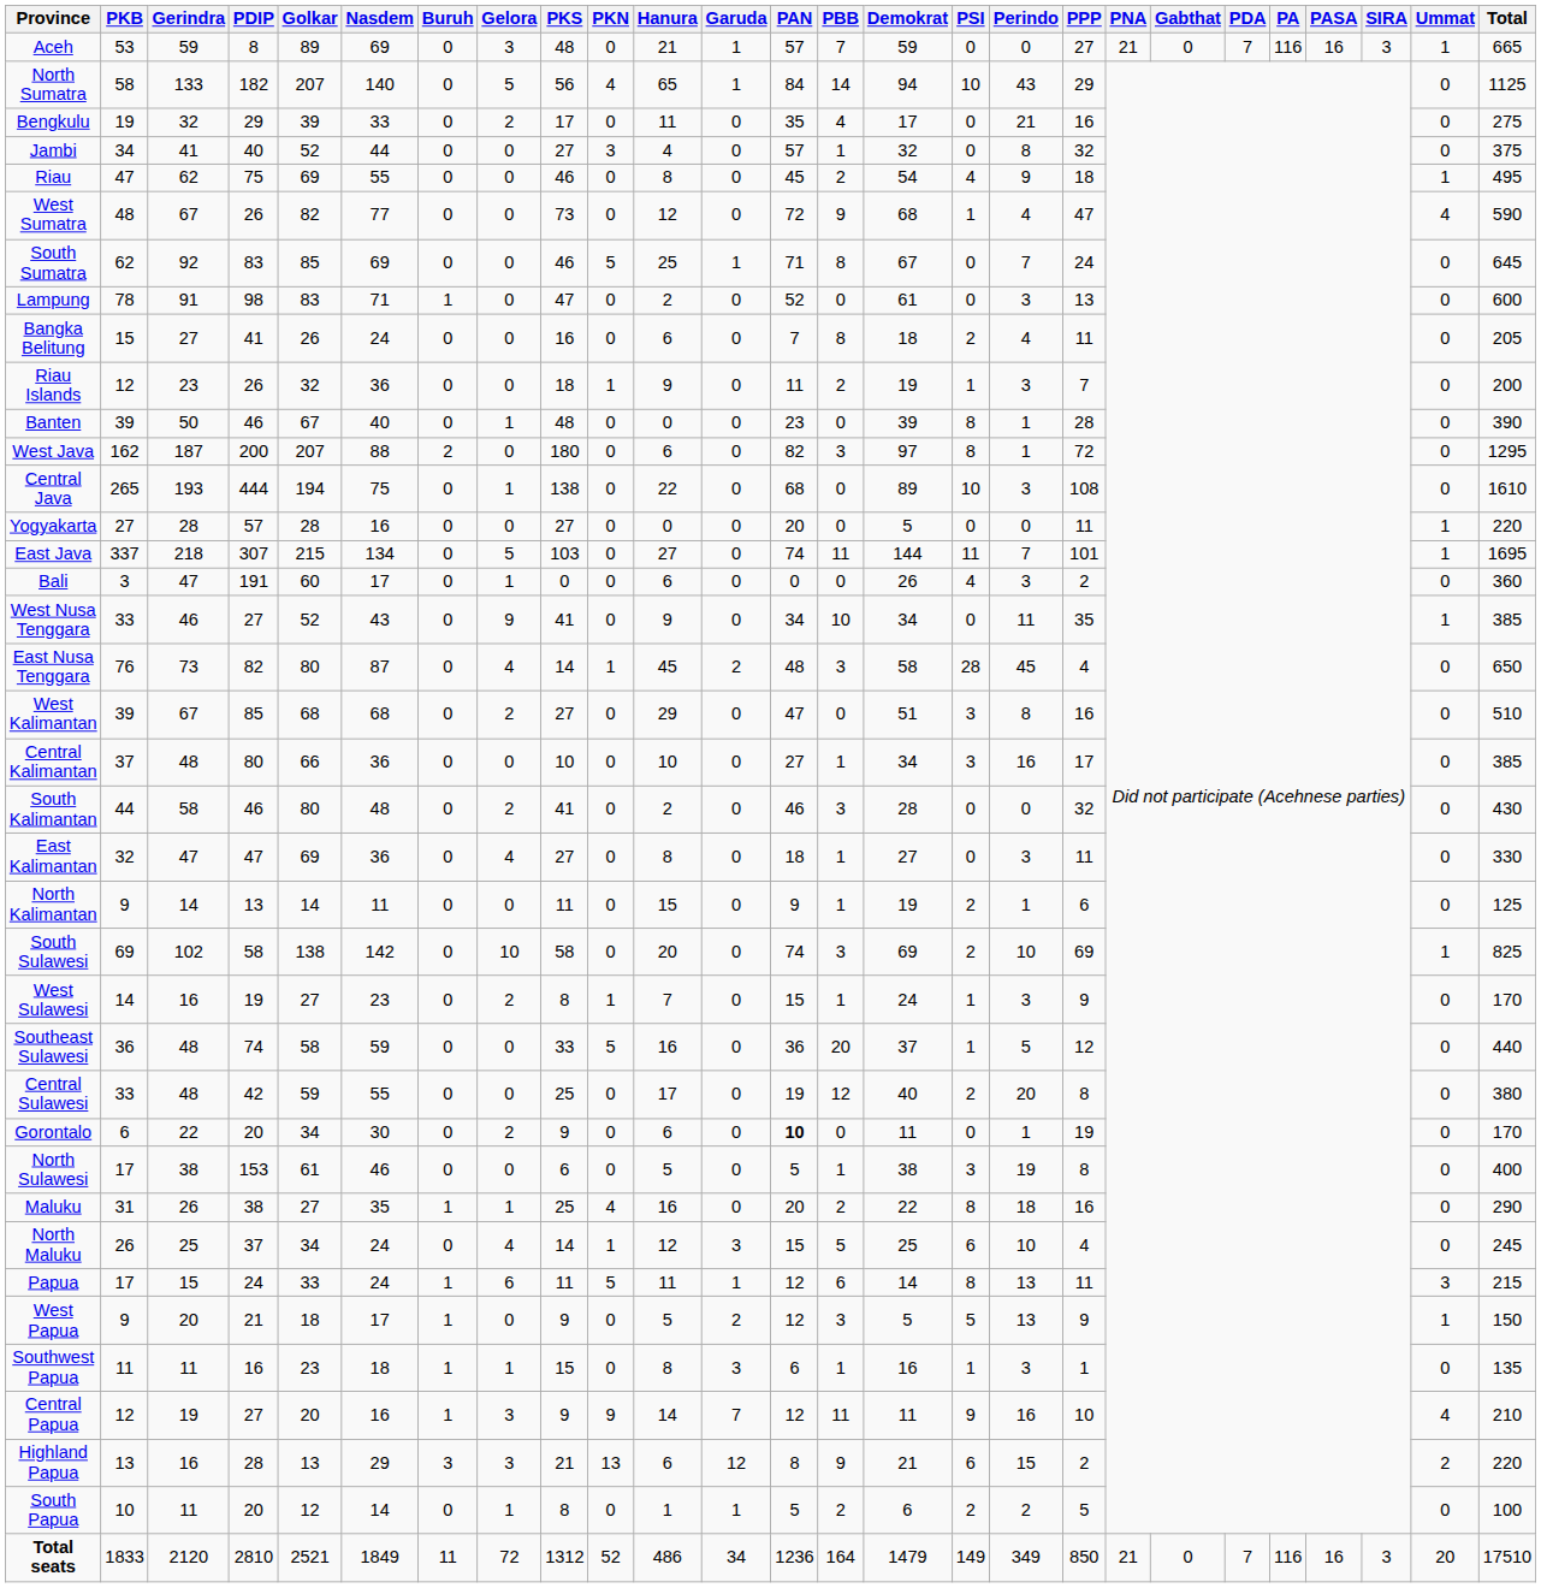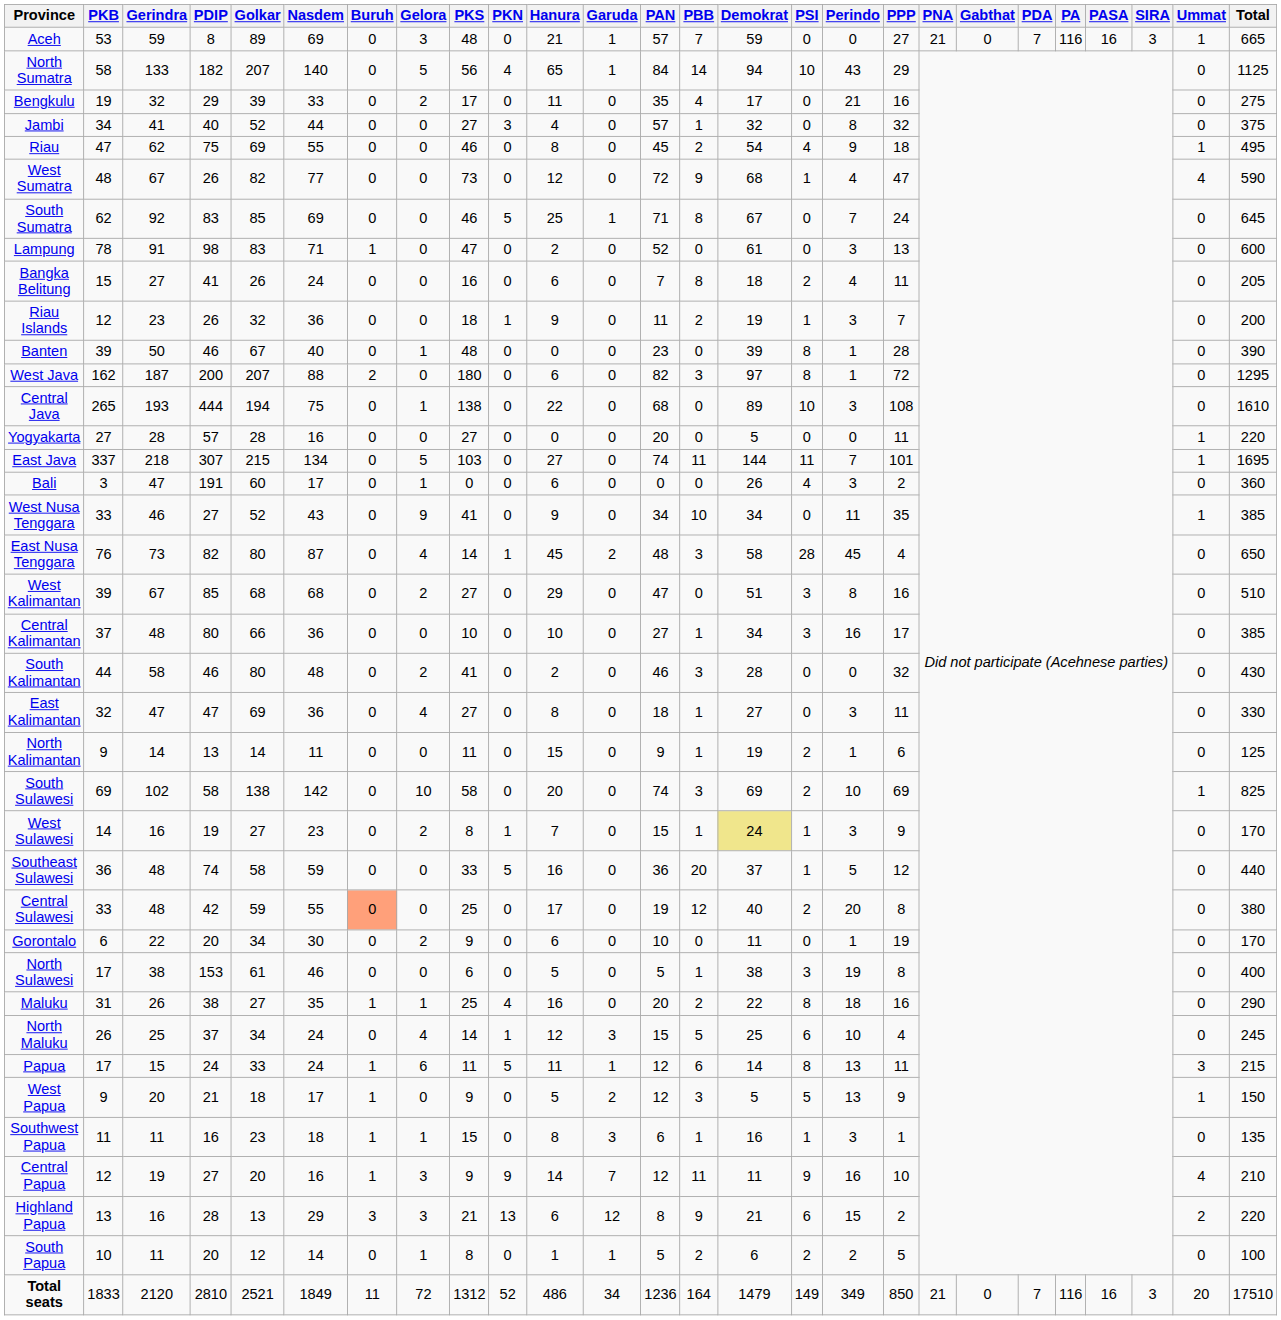 <table class="wikitable sortable" style="text-align:center">
 <tr>
 <th>Province</th>
 <th scope=col width=3%><a href='#'>PKB</a></th>
 <th scope=col width=3%><a href='#'>Gerindra</a></th>
 <th scope=col width=3%><a href='#'>PDIP</a></th>
 <th scope=col width=3%><a href='#'>Golkar</a></th>
 <th scope=col width=3%><a href='#'>Nasdem</a></th>
 <th scope=col width=3%><a href='#'>Buruh</a></th>
 <th scope=col width=3%><a href='#'>Gelora</a></th>
 <th scope=col width=3%><a href='#'>PKS</a></th>
 <th scope=col width=3%><a href='#'>PKN</a></th>
 <th scope=col width=3%><a href='#'>Hanura</a></th>
 <th scope=col width=3%><a href='#'>Garuda</a></th>
 <th scope=col width=3%><a href='#'>PAN</a></th>
 <th scope=col width=3%><a href='#'>PBB</a></th>
 <th scope=col width=3%><a href='#'>Demokrat</a></th>
 <th scope=col width=3%><a href='#'>PSI</a></th>
 <th scope=col width=3%><a href='#'>Perindo</a></th>
 <th scope=col width=3%><a href='#'>PPP</a></th>
 <th scope=col width=3%><a href='#'>PNA</a></th>
 <th scope=col width=3%><a href='#'>Gabthat</a></th>
 <th scope=col width=3%><a href='#'>PDA</a></th>
 <th scope=col width=3%><a href='#'>PA</a></th>
 <th scope=col width=3%><a href='#'>PASA</a></th>
 <th scope=col width=3%><a href='#'>SIRA</a></th>
 <th scope=col width=3%><a href='#'>Ummat</a></th>
 <th scope=col width=3%>Total</th>
 </tr>
 <tr>
 <td><a href='#'>Aceh</a></td>
 <td>53</td>
 <td>59</td>
 <td>8</td>
 <td>89</td>
 <td>69</td>
 <td>0</td>
 <td>3</td>
 <td>48</td>
 <td>0</td>
 <td>21</td>
 <td>1</td>
 <td>57</td>
 <td>7</td>
 <td>59</td>
 <td>0</td>
 <td>0</td>
 <td>27</td>
 <td>21</td>
 <td>0</td>
 <td>7</td>
 <td>116</td>
 <td>16</td>
 <td>3</td>
 <td>1</td>
 <td>665</td>
 </tr>
 <tr>
 <td><a href='#'>North Sumatra</a></td>
 <td>58</td>
 <td>133</td>
 <td>182</td>
 <td>207</td>
 <td>140</td>
 <td>0</td>
 <td>5</td>
 <td>56</td>
 <td>4</td>
 <td>65</td>
 <td>1</td>
 <td>84</td>
 <td>14</td>
 <td>94</td>
 <td>10</td>
 <td>43</td>
 <td>29</td>
 <td colspan=6 rowspan=36><em>Did not participate (Acehnese parties)</em></td>
 <td>0</td>
 <td>1125</td>
 </tr>
 <tr>
 <td><a href='#'>Bengkulu</a></td>
 <td>19</td>
 <td>32</td>
 <td>29</td>
 <td>39</td>
 <td>33</td>
 <td>0</td>
 <td>2</td>
 <td>17</td>
 <td>0</td>
 <td>11</td>
 <td>0</td>
 <td>35</td>
 <td>4</td>
 <td>17</td>
 <td>0</td>
 <td>21</td>
 <td>16</td>
 <td>0</td>
 <td>275</td>
 </tr>
 <tr>
 <td><a href='#'>Jambi</a></td>
 <td>34</td>
 <td>41</td>
 <td>40</td>
 <td>52</td>
 <td>44</td>
 <td>0</td>
 <td>0</td>
 <td>27</td>
 <td>3</td>
 <td>4</td>
 <td>0</td>
 <td>57</td>
 <td>1</td>
 <td>32</td>
 <td>0</td>
 <td>8</td>
 <td>32</td>
 <td>0</td>
 <td>375</td>
 </tr>
 <tr>
 <td><a href='#'>Riau</a></td>
 <td>47</td>
 <td>62</td>
 <td>75</td>
 <td>69</td>
 <td>55</td>
 <td>0</td>
 <td>0</td>
 <td>46</td>
 <td>0</td>
 <td>8</td>
 <td>0</td>
 <td>45</td>
 <td>2</td>
 <td>54</td>
 <td>4</td>
 <td>9</td>
 <td>18</td>
 <td>1</td>
 <td>495</td>
 </tr>
 <tr>
 <td><a href='#'>West Sumatra</a></td>
 <td>48</td>
 <td>67</td>
 <td>26</td>
 <td>82</td>
 <td>77</td>
 <td>0</td>
 <td>0</td>
 <td>73</td>
 <td>0</td>
 <td>12</td>
 <td>0</td>
 <td>72</td>
 <td>9</td>
 <td>68</td>
 <td>1</td>
 <td>4</td>
 <td>47</td>
 <td>4</td>
 <td>590</td>
 </tr>
 <tr>
 <td><a href='#'>South Sumatra</a></td>
 <td>62</td>
 <td>92</td>
 <td>83</td>
 <td>85</td>
 <td>69</td>
 <td>0</td>
 <td>0</td>
 <td>46</td>
 <td>5</td>
 <td>25</td>
 <td>1</td>
 <td>71</td>
 <td>8</td>
 <td>67</td>
 <td>0</td>
 <td>7</td>
 <td>24</td>
 <td>0</td>
 <td>645</td>
 </tr>
 <tr>
 <td><a href='#'>Lampung</a></td>
 <td>78</td>
 <td>91</td>
 <td>98</td>
 <td>83</td>
 <td>71</td>
 <td>1</td>
 <td>0</td>
 <td>47</td>
 <td>0</td>
 <td>2</td>
 <td>0</td>
 <td>52</td>
 <td>0</td>
 <td>61</td>
 <td>0</td>
 <td>3</td>
 <td>13</td>
 <td>0</td>
 <td>600</td>
 </tr>
 <tr>
 <td><a href='#'>Bangka Belitung</a></td>
 <td>15</td>
 <td>27</td>
 <td>41</td>
 <td>26</td>
 <td>24</td>
 <td>0</td>
 <td>0</td>
 <td>16</td>
 <td>0</td>
 <td>6</td>
 <td>0</td>
 <td>7</td>
 <td>8</td>
 <td>18</td>
 <td>2</td>
 <td>4</td>
 <td>11</td>
 <td>0</td>
 <td>205</td>
 </tr>
 <tr>
 <td><a href='#'>Riau Islands</a></td>
 <td>12</td>
 <td>23</td>
 <td>26</td>
 <td>32</td>
 <td>36</td>
 <td>0</td>
 <td>0</td>
 <td>18</td>
 <td>1</td>
 <td>9</td>
 <td>0</td>
 <td>11</td>
 <td>2</td>
 <td>19</td>
 <td>1</td>
 <td>3</td>
 <td>7</td>
 <td>0</td>
 <td>200</td>
 </tr>
 <tr>
 <td><a href='#'>Banten</a></td>
 <td>39</td>
 <td>50</td>
 <td>46</td>
 <td>67</td>
 <td>40</td>
 <td>0</td>
 <td>1</td>
 <td>48</td>
 <td>0</td>
 <td>0</td>
 <td>0</td>
 <td>23</td>
 <td>0</td>
 <td>39</td>
 <td>8</td>
 <td>1</td>
 <td>28</td>
 <td>0</td>
 <td>390</td>
 </tr>
 <tr>
 <td><a href='#'>West Java</a></td>
 <td>162</td>
 <td>187</td>
 <td>200</td>
 <td>207</td>
 <td>88</td>
 <td>2</td>
 <td>0</td>
 <td>180</td>
 <td>0</td>
 <td>6</td>
 <td>0</td>
 <td>82</td>
 <td>3</td>
 <td>97</td>
 <td>8</td>
 <td>1</td>
 <td>72</td>
 <td>0</td>
 <td>1295</td>
 </tr>
 <tr>
 <td><a href='#'>Central Java</a></td>
 <td>265</td>
 <td>193</td>
 <td>444</td>
 <td>194</td>
 <td>75</td>
 <td>0</td>
 <td>1</td>
 <td>138</td>
 <td>0</td>
 <td>22</td>
 <td>0</td>
 <td>68</td>
 <td>0</td>
 <td>89</td>
 <td>10</td>
 <td>3</td>
 <td>108</td>
 <td>0</td>
 <td>1610</td>
 </tr>
 <tr>
 <td><a href='#'>Yogyakarta</a></td>
 <td>27</td>
 <td>28</td>
 <td>57</td>
 <td>28</td>
 <td>16</td>
 <td>0</td>
 <td>0</td>
 <td>27</td>
 <td>0</td>
 <td>0</td>
 <td>0</td>
 <td>20</td>
 <td>0</td>
 <td>5</td>
 <td>0</td>
 <td>0</td>
 <td>11</td>
 <td>1</td>
 <td>220</td>
 </tr>
 <tr>
 <td><a href='#'>East Java</a></td>
 <td>337</td>
 <td>218</td>
 <td>307</td>
 <td>215</td>
 <td>134</td>
 <td>0</td>
 <td>5</td>
 <td>103</td>
 <td>0</td>
 <td>27</td>
 <td>0</td>
 <td>74</td>
 <td>11</td>
 <td>144</td>
 <td>11</td>
 <td>7</td>
 <td>101</td>
 <td>1</td>
 <td>1695</td>
 </tr>
 <tr>
 <td><a href='#'>Bali</a></td>
 <td>3</td>
 <td>47</td>
 <td>191</td>
 <td>60</td>
 <td>17</td>
 <td>0</td>
 <td>1</td>
 <td>0</td>
 <td>0</td>
 <td>6</td>
 <td>0</td>
 <td>0</td>
 <td>0</td>
 <td>26</td>
 <td>4</td>
 <td>3</td>
 <td>2</td>
 <td>0</td>
 <td>360</td>
 </tr>
 <tr>
 <td><a href='#'>West Nusa Tenggara</a></td>
 <td>33</td>
 <td>46</td>
 <td>27</td>
 <td>52</td>
 <td>43</td>
 <td>0</td>
 <td>9</td>
 <td>41</td>
 <td>0</td>
 <td>9</td>
 <td>0</td>
 <td>34</td>
 <td>10</td>
 <td>34</td>
 <td>0</td>
 <td>11</td>
 <td>35</td>
 <td>1</td>
 <td>385</td>
 </tr>
 <tr>
 <td><a href='#'>East Nusa Tenggara</a></td>
 <td>76</td>
 <td>73</td>
 <td>82</td>
 <td>80</td>
 <td>87</td>
 <td>0</td>
 <td>4</td>
 <td>14</td>
 <td>1</td>
 <td>45</td>
 <td>2</td>
 <td>48</td>
 <td>3</td>
 <td>58</td>
 <td>28</td>
 <td>45</td>
 <td>4</td>
 <td>0</td>
 <td>650</td>
 </tr>
 <tr>
 <td><a href='#'>West Kalimantan</a></td>
 <td>39</td>
 <td>67</td>
 <td>85</td>
 <td>68</td>
 <td>68</td>
 <td>0</td>
 <td>2</td>
 <td>27</td>
 <td>0</td>
 <td>29</td>
 <td>0</td>
 <td>47</td>
 <td>0</td>
 <td>51</td>
 <td>3</td>
 <td>8</td>
 <td>16</td>
 <td>0</td>
 <td>510</td>
 </tr>
 <tr>
 <td><a href='#'>Central Kalimantan</a></td>
 <td>37</td>
 <td>48</td>
 <td>80</td>
 <td>66</td>
 <td>36</td>
 <td>0</td>
 <td>0</td>
 <td>10</td>
 <td>0</td>
 <td>10</td>
 <td>0</td>
 <td>27</td>
 <td>1</td>
 <td>34</td>
 <td>3</td>
 <td>16</td>
 <td>17</td>
 <td>0</td>
 <td>385</td>
 </tr>
 <tr>
 <td><a href='#'>South Kalimantan</a></td>
 <td>44</td>
 <td>58</td>
 <td>46</td>
 <td>80</td>
 <td>48</td>
 <td>0</td>
 <td>2</td>
 <td>41</td>
 <td>0</td>
 <td>2</td>
 <td>0</td>
 <td>46</td>
 <td>3</td>
 <td>28</td>
 <td>0</td>
 <td>0</td>
 <td>32</td>
 <td>0</td>
 <td>430</td>
 </tr>
 <tr>
 <td><a href='#'>East Kalimantan</a></td>
 <td>32</td>
 <td>47</td>
 <td>47</td>
 <td>69</td>
 <td>36</td>
 <td>0</td>
 <td>4</td>
 <td>27</td>
 <td>0</td>
 <td>8</td>
 <td>0</td>
 <td>18</td>
 <td>1</td>
 <td>27</td>
 <td>0</td>
 <td>3</td>
 <td>11</td>
 <td>0</td>
 <td>330</td>
 </tr>
 <tr>
 <td><a href='#'>North Kalimantan</a></td>
 <td>9</td>
 <td>14</td>
 <td>13</td>
 <td>14</td>
 <td>11</td>
 <td>0</td>
 <td>0</td>
 <td>11</td>
 <td>0</td>
 <td>15</td>
 <td>0</td>
 <td>9</td>
 <td>1</td>
 <td>19</td>
 <td>2</td>
 <td>1</td>
 <td>6</td>
 <td>0</td>
 <td>125</td>
 </tr>
 <tr>
 <td><a href='#'>South Sulawesi</a></td>
 <td>69</td>
 <td>102</td>
 <td>58</td>
 <td>138</td>
 <td>142</td>
 <td>0</td>
 <td>10</td>
 <td>58</td>
 <td>0</td>
 <td>20</td>
 <td>0</td>
 <td>74</td>
 <td>3</td>
 <td>69</td>
 <td>2</td>
 <td>10</td>
 <td>69</td>
 <td>1</td>
 <td>825</td>
 </tr>
 <tr>
 <td><a href='#'>West Sulawesi</a></td>
 <td>14</td>
 <td>16</td>
 <td>19</td>
 <td>27</td>
 <td>23</td>
 <td>0</td>
 <td>2</td>
 <td>8</td>
 <td>1</td>
 <td>7</td>
 <td>0</td>
 <td>15</td>
 <td>1</td>
-<td>24</td>
+<td style="background: khaki;">24</td>
 <td>1</td>
 <td>3</td>
 <td>9</td>
 <td>0</td>
 <td>170</td>
 </tr>
 <tr>
 <td><a href='#'>Southeast Sulawesi</a></td>
 <td>36</td>
 <td>48</td>
 <td>74</td>
 <td>58</td>
 <td>59</td>
 <td>0</td>
 <td>0</td>
 <td>33</td>
 <td>5</td>
 <td>16</td>
 <td>0</td>
 <td>36</td>
 <td>20</td>
 <td>37</td>
 <td>1</td>
 <td>5</td>
 <td>12</td>
 <td>0</td>
 <td>440</td>
 </tr>
 <tr>
 <td><a href='#'>Central Sulawesi</a></td>
 <td>33</td>
 <td>48</td>
 <td>42</td>
 <td>59</td>
 <td>55</td>
-<td>0</td>
+<td style="background: lightsalmon;">0</td>
 <td>0</td>
 <td>25</td>
 <td>0</td>
 <td>17</td>
 <td>0</td>
 <td>19</td>
 <td>12</td>
 <td>40</td>
 <td>2</td>
 <td>20</td>
 <td>8</td>
 <td>0</td>
 <td>380</td>
 </tr>
 <tr>
 <td><a href='#'>Gorontalo</a></td>
 <td>6</td>
 <td>22</td>
 <td>20</td>
 <td>34</td>
 <td>30</td>
 <td>0</td>
 <td>2</td>
 <td>9</td>
 <td>0</td>
 <td>6</td>
 <td>0</td>
-<td><strong>10</strong></td>
+<td>10</td>
 <td>0</td>
 <td>11</td>
 <td>0</td>
 <td>1</td>
 <td>19</td>
 <td>0</td>
 <td>170</td>
 </tr>
 <tr>
 <td><a href='#'>North Sulawesi</a></td>
 <td>17</td>
 <td>38</td>
 <td>153</td>
 <td>61</td>
 <td>46</td>
 <td>0</td>
 <td>0</td>
 <td>6</td>
 <td>0</td>
 <td>5</td>
 <td>0</td>
 <td>5</td>
 <td>1</td>
 <td>38</td>
 <td>3</td>
 <td>19</td>
 <td>8</td>
 <td>0</td>
 <td>400</td>
 </tr>
 <tr>
 <td><a href='#'>Maluku</a></td>
 <td>31</td>
 <td>26</td>
 <td>38</td>
 <td>27</td>
 <td>35</td>
 <td>1</td>
 <td>1</td>
 <td>25</td>
 <td>4</td>
 <td>16</td>
 <td>0</td>
 <td>20</td>
 <td>2</td>
 <td>22</td>
 <td>8</td>
 <td>18</td>
 <td>16</td>
 <td>0</td>
 <td>290</td>
 </tr>
 <tr>
 <td><a href='#'>North Maluku</a></td>
 <td>26</td>
 <td>25</td>
 <td>37</td>
 <td>34</td>
 <td>24</td>
 <td>0</td>
 <td>4</td>
 <td>14</td>
 <td>1</td>
 <td>12</td>
 <td>3</td>
 <td>15</td>
 <td>5</td>
 <td>25</td>
 <td>6</td>
 <td>10</td>
 <td>4</td>
 <td>0</td>
 <td>245</td>
 </tr>
 <tr>
 <td><a href='#'>Papua</a></td>
 <td>17</td>
 <td>15</td>
 <td>24</td>
 <td>33</td>
 <td>24</td>
 <td>1</td>
 <td>6</td>
 <td>11</td>
 <td>5</td>
 <td>11</td>
 <td>1</td>
 <td>12</td>
 <td>6</td>
 <td>14</td>
 <td>8</td>
 <td>13</td>
 <td>11</td>
 <td>3</td>
 <td>215</td>
 </tr>
 <tr>
 <td><a href='#'>West Papua</a></td>
 <td>9</td>
 <td>20</td>
 <td>21</td>
 <td>18</td>
 <td>17</td>
 <td>1</td>
 <td>0</td>
 <td>9</td>
 <td>0</td>
 <td>5</td>
 <td>2</td>
 <td>12</td>
 <td>3</td>
 <td>5</td>
 <td>5</td>
 <td>13</td>
 <td>9</td>
 <td>1</td>
 <td>150</td>
 </tr>
 <tr>
 <td><a href='#'>Southwest Papua</a></td>
 <td>11</td>
 <td>11</td>
 <td>16</td>
 <td>23</td>
 <td>18</td>
 <td>1</td>
 <td>1</td>
 <td>15</td>
 <td>0</td>
 <td>8</td>
 <td>3</td>
 <td>6</td>
 <td>1</td>
 <td>16</td>
 <td>1</td>
 <td>3</td>
 <td>1</td>
 <td>0</td>
 <td>135</td>
 </tr>
 <tr>
 <td><a href='#'>Central Papua</a></td>
 <td>12</td>
 <td>19</td>
 <td>27</td>
 <td>20</td>
 <td>16</td>
 <td>1</td>
 <td>3</td>
 <td>9</td>
 <td>9</td>
 <td>14</td>
 <td>7</td>
 <td>12</td>
 <td>11</td>
 <td>11</td>
 <td>9</td>
 <td>16</td>
 <td>10</td>
 <td>4</td>
 <td>210</td>
 </tr>
 <tr>
 <td><a href='#'>Highland Papua</a></td>
 <td>13</td>
 <td>16</td>
 <td>28</td>
 <td>13</td>
 <td>29</td>
 <td>3</td>
 <td>3</td>
 <td>21</td>
 <td>13</td>
 <td>6</td>
 <td>12</td>
 <td>8</td>
 <td>9</td>
 <td>21</td>
 <td>6</td>
 <td>15</td>
 <td>2</td>
 <td>2</td>
 <td>220</td>
 </tr>
 <tr>
 <td><a href='#'>South Papua</a></td>
 <td>10</td>
 <td>11</td>
 <td>20</td>
 <td>12</td>
 <td>14</td>
 <td>0</td>
 <td>1</td>
 <td>8</td>
 <td>0</td>
 <td>1</td>
 <td>1</td>
 <td>5</td>
 <td>2</td>
 <td>6</td>
 <td>2</td>
 <td>2</td>
 <td>5</td>
 <td>0</td>
 <td>100</td>
 </tr>
 <tr>
 <td><strong>Total seats</strong></td>
 <td>1833 </td>
 <td>2120 </td>
 <td>2810 </td>
 <td>2521 </td>
 <td>1849 </td>
 <td>11 </td>
 <td>72 </td>
 <td>1312 </td>
 <td>52 </td>
 <td>486 </td>
 <td>34 </td>
 <td>1236 </td>
 <td>164 </td>
 <td>1479 </td>
 <td>149 </td>
 <td>349 </td>
 <td>850 </td>
 <td>21 </td>
 <td>0 </td>
 <td>7 </td>
 <td>116 </td>
 <td>16 </td>
 <td>3 </td>
 <td>20 </td>
 <td>17510</td>
 </tr>
 </table>
